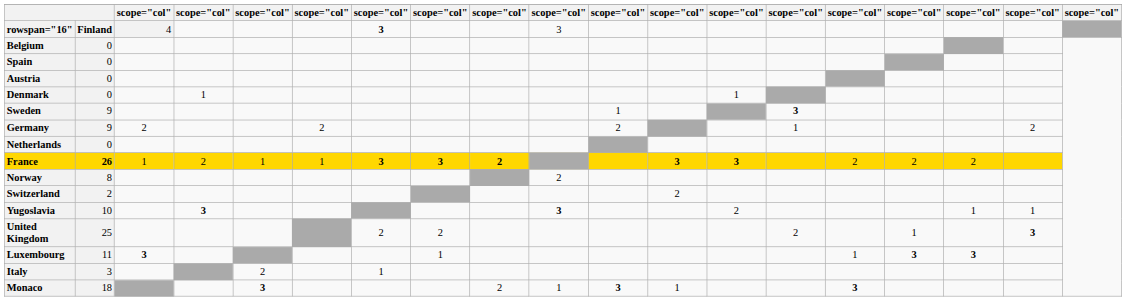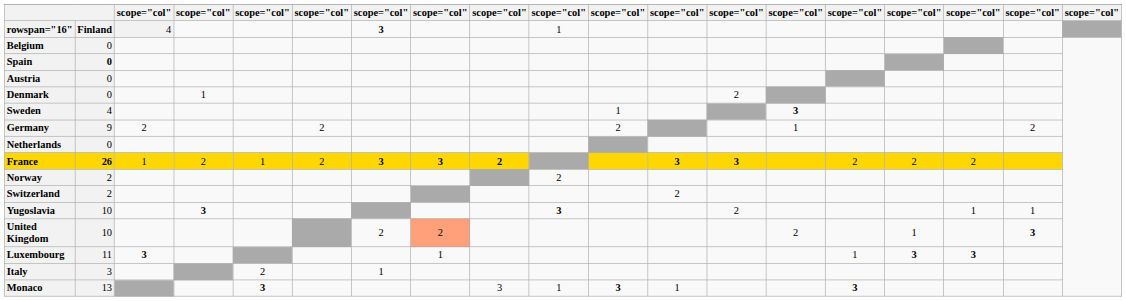 <table class="wikitable plainrowheaders" style="text-align:center;">
 <tr>
 </tr>
 <tr>
 <th colspan="2"></th>
 <th>scope="col" </th>
 <th>scope="col" </th>
 <th>scope="col" </th>
 <th>scope="col" </th>
 <th>scope="col" </th>
 <th>scope="col" </th>
 <th>scope="col" </th>
 <th>scope="col" </th>
 <th>scope="col" </th>
 <th>scope="col" </th>
 <th>scope="col" </th>
 <th>scope="col" </th>
 <th>scope="col" </th>
 <th>scope="col" </th>
 <th>scope="col" </th>
 <th>scope="col" </th>
 <th>scope="col" </th>
 </tr>
 <tr>
 <th>rowspan="16" </th>
 <th scope="row" style="text-align:left; background:#f2f2f2;">Finland</th>
 <td style="text-align:right; background:#f2f2f2;">4</td>
 <td></td>
 <td></td>
 <td></td>
 <td><strong>3</strong></td>
 <td></td>
 <td></td>
-<td>3</td>
+<td>1</td>
 <td></td>
 <td></td>
 <td></td>
 <td></td>
 <td></td>
 <td></td>
 <td></td>
 <td></td>
 <td style="text-align:left; background-color:#aaa"></td>
 </tr>
 <tr>
 <th scope="row" style="text-align:left; background:#f2f2f2;">Belgium</th>
 <td style="text-align:right; background:#f2f2f2;">0</td>
 <td></td>
 <td></td>
 <td></td>
 <td></td>
 <td></td>
 <td></td>
 <td></td>
 <td></td>
 <td></td>
 <td></td>
 <td></td>
 <td></td>
 <td></td>
 <td></td>
 <td style="text-align:left; background-color:#aaa"></td>
 <td></td>
 </tr>
 <tr>
 <th scope="row" style="text-align:left; background:#f2f2f2;">Spain</th>
-<td style="text-align:right; background:#f2f2f2;">0</td>
+<td style="text-align:right; background:#f2f2f2;"><strong>0</strong></td>
 <td></td>
 <td></td>
 <td></td>
 <td></td>
 <td></td>
 <td></td>
 <td></td>
 <td></td>
 <td></td>
 <td></td>
 <td></td>
 <td></td>
 <td></td>
 <td style="text-align:left; background-color:#aaa"></td>
 <td></td>
 <td></td>
 </tr>
 <tr>
 <th scope="row" style="text-align:left; background:#f2f2f2;">Austria</th>
 <td style="text-align:right; background:#f2f2f2;">0</td>
 <td></td>
 <td></td>
 <td></td>
 <td></td>
 <td></td>
 <td></td>
 <td></td>
 <td></td>
 <td></td>
 <td></td>
 <td></td>
 <td></td>
 <td style="text-align:left; background-color:#aaa"></td>
 <td></td>
 <td></td>
 <td></td>
 </tr>
 <tr>
 <th scope="row" style="text-align:left; background:#f2f2f2;">Denmark</th>
 <td style="text-align:right; background:#f2f2f2;">0</td>
 <td></td>
 <td>1</td>
 <td></td>
 <td></td>
 <td></td>
 <td></td>
 <td></td>
 <td></td>
 <td></td>
 <td></td>
-<td>1</td>
+<td>2</td>
 <td style="text-align:left; background-color:#aaa"></td>
 <td></td>
 <td></td>
 <td></td>
 <td></td>
 </tr>
 <tr>
 <th scope="row" style="text-align:left; background:#f2f2f2;">Sweden</th>
-<td style="text-align:right; background:#f2f2f2;">9</td>
+<td style="text-align:right; background:#f2f2f2;">4</td>
 <td></td>
 <td></td>
 <td></td>
 <td></td>
 <td></td>
 <td></td>
 <td></td>
 <td></td>
 <td>1</td>
 <td></td>
 <td style="text-align:left; background-color:#aaa"></td>
 <td><strong>3</strong></td>
 <td></td>
 <td></td>
 <td></td>
 <td></td>
 </tr>
 <tr>
 <th scope="row" style="text-align:left; background:#f2f2f2;">Germany</th>
 <td style="text-align:right; background:#f2f2f2;">9</td>
 <td>2</td>
 <td></td>
 <td></td>
 <td>2</td>
 <td></td>
 <td></td>
 <td></td>
 <td></td>
 <td>2</td>
 <td style="text-align:left; background-color:#aaa"></td>
 <td></td>
 <td>1</td>
 <td></td>
 <td></td>
 <td></td>
 <td>2</td>
 </tr>
 <tr>
 <th scope="row" style="text-align:left; background:#f2f2f2;">Netherlands</th>
 <td style="text-align:right; background:#f2f2f2;">0</td>
 <td></td>
 <td></td>
 <td></td>
 <td></td>
 <td></td>
 <td></td>
 <td></td>
 <td></td>
 <td style="text-align:left; background-color:#aaa"></td>
 <td></td>
 <td></td>
 <td></td>
 <td></td>
 <td></td>
 <td></td>
 <td></td>
 </tr>
 <tr style="background:gold;">
 <th scope="row" style="text-align:left; font-weight:bold; background:gold;">France</th>
 <td style="text-align:right; font-weight:bold;">26</td>
 <td>1</td>
 <td>2</td>
 <td>1</td>
-<td>1</td>
+<td>2</td>
 <td><strong>3</strong></td>
 <td><strong>3</strong></td>
 <td><strong>2</strong></td>
 <td style="text-align:left; background-color:#aaa"></td>
 <td></td>
 <td><strong>3</strong></td>
 <td><strong>3</strong></td>
 <td></td>
 <td>2</td>
 <td>2</td>
 <td>2</td>
 <td></td>
 </tr>
 <tr>
 <th scope="row" style="text-align:left; background:#f2f2f2;">Norway</th>
-<td style="text-align:right; background:#f2f2f2;">8</td>
+<td style="text-align:right; background:#f2f2f2;">2</td>
 <td></td>
 <td></td>
 <td></td>
 <td></td>
 <td></td>
 <td></td>
 <td style="text-align:left; background-color:#aaa"></td>
 <td>2</td>
 <td></td>
 <td></td>
 <td></td>
 <td></td>
 <td></td>
 <td></td>
 <td></td>
 <td></td>
 </tr>
 <tr>
 <th scope="row" style="text-align:left; background:#f2f2f2;">Switzerland</th>
 <td style="text-align:right; background:#f2f2f2;">2</td>
 <td></td>
 <td></td>
 <td></td>
 <td></td>
 <td></td>
 <td style="text-align:left; background-color:#aaa"></td>
 <td></td>
 <td></td>
 <td></td>
 <td>2</td>
 <td></td>
 <td></td>
 <td></td>
 <td></td>
 <td></td>
 <td></td>
 </tr>
 <tr>
 <th scope="row" style="text-align:left; background:#f2f2f2;">Yugoslavia</th>
 <td style="text-align:right; background:#f2f2f2;">10</td>
 <td></td>
 <td><strong>3</strong></td>
 <td></td>
 <td></td>
 <td style="text-align:left; background-color:#aaa"></td>
 <td></td>
 <td></td>
 <td><strong>3</strong></td>
 <td></td>
 <td></td>
 <td>2</td>
 <td></td>
 <td></td>
 <td></td>
 <td>1</td>
 <td>1</td>
 </tr>
 <tr>
 <th scope="row" style="text-align:left; background:#f2f2f2;">United Kingdom</th>
-<td style="text-align:right; background:#f2f2f2;">25</td>
+<td style="text-align:right; background:#f2f2f2;">10</td>
 <td></td>
 <td></td>
 <td></td>
 <td style="text-align:left; background-color:#aaa"></td>
 <td>2</td>
-<td>2</td>
+<td style="background: lightsalmon;">2</td>
 <td></td>
 <td></td>
 <td></td>
 <td></td>
 <td></td>
 <td>2</td>
 <td></td>
 <td>1</td>
 <td></td>
 <td><strong>3</strong></td>
 </tr>
 <tr>
 <th scope="row" style="text-align:left; background:#f2f2f2;">Luxembourg</th>
 <td style="text-align:right; background:#f2f2f2;">11</td>
 <td><strong>3</strong></td>
 <td></td>
 <td style="text-align:left; background-color:#aaa"></td>
 <td></td>
 <td></td>
 <td>1</td>
 <td></td>
 <td></td>
 <td></td>
 <td></td>
 <td></td>
 <td></td>
 <td>1</td>
 <td><strong>3</strong></td>
 <td><strong>3</strong></td>
 <td></td>
 </tr>
 <tr>
 <th scope="row" style="text-align:left; background:#f2f2f2;">Italy</th>
 <td style="text-align:right; background:#f2f2f2;">3</td>
 <td></td>
 <td style="text-align:left; background-color:#aaa"></td>
 <td>2</td>
 <td></td>
 <td>1</td>
 <td></td>
 <td></td>
 <td></td>
 <td></td>
 <td></td>
 <td></td>
 <td></td>
 <td></td>
 <td></td>
 <td></td>
 <td></td>
 </tr>
 <tr>
 <th scope="row" style="text-align:left; background:#f2f2f2;">Monaco</th>
-<td style="text-align:right; background:#f2f2f2;">18</td>
+<td style="text-align:right; background:#f2f2f2;">13</td>
 <td style="text-align:left; background-color:#aaa"></td>
 <td></td>
 <td><strong>3</strong></td>
 <td></td>
 <td></td>
 <td></td>
-<td>2</td>
+<td>3</td>
 <td>1</td>
 <td><strong>3</strong></td>
 <td>1</td>
 <td></td>
 <td></td>
 <td><strong>3</strong></td>
 <td></td>
 <td></td>
 <td></td>
 </tr>
 </table>
